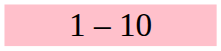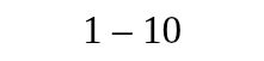 <table style="text-align:center">
 <tr>
 <th width=200></th>
 <th width=100></th>
 <th width=200></th>
 </tr>
 <tr>
 <td align=right></td>
-<td style="background: pink;">1 – 10</td>
+<td>1 – 10</td>
 <td align=left><strong></strong></td>
 </tr>
 </table>
